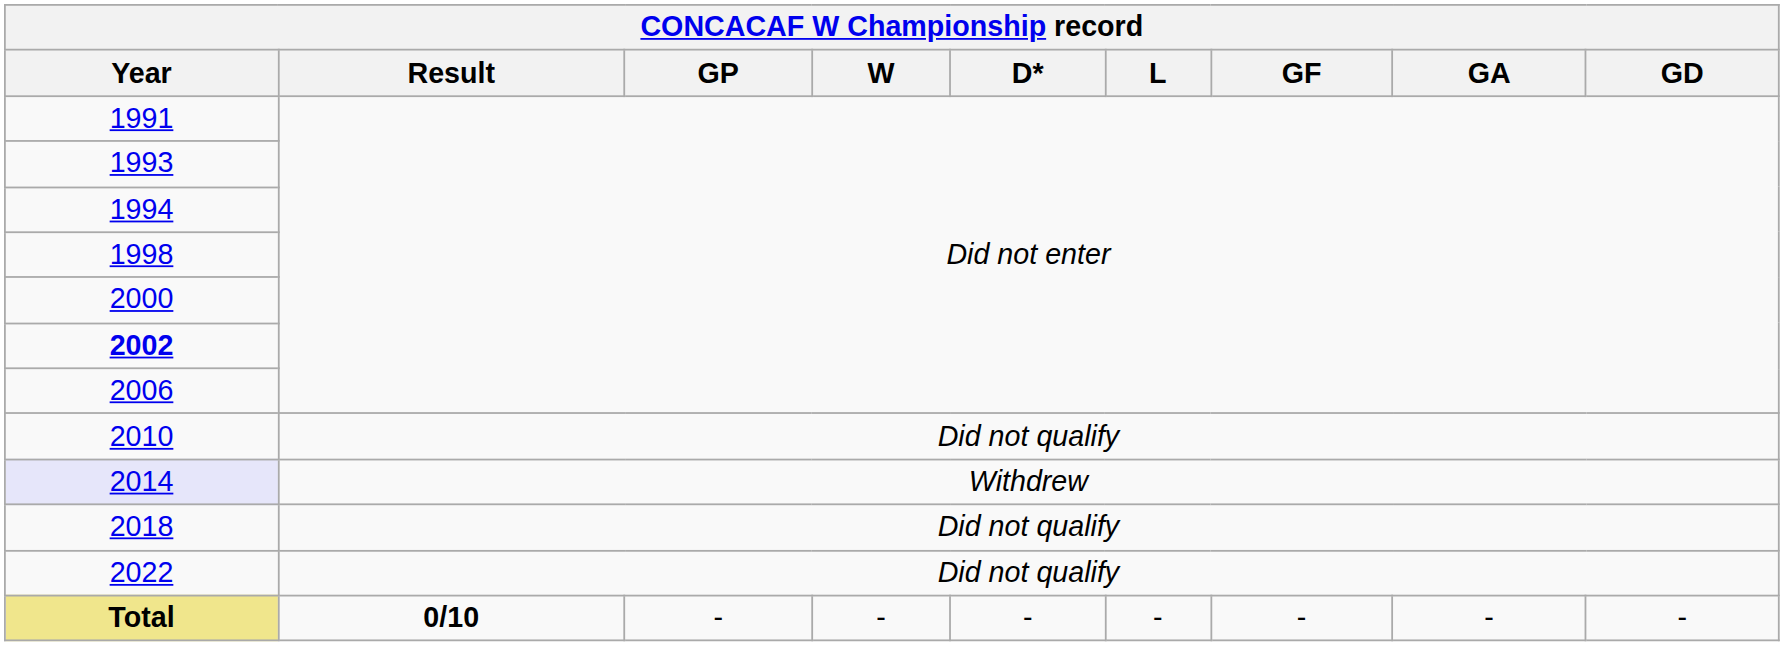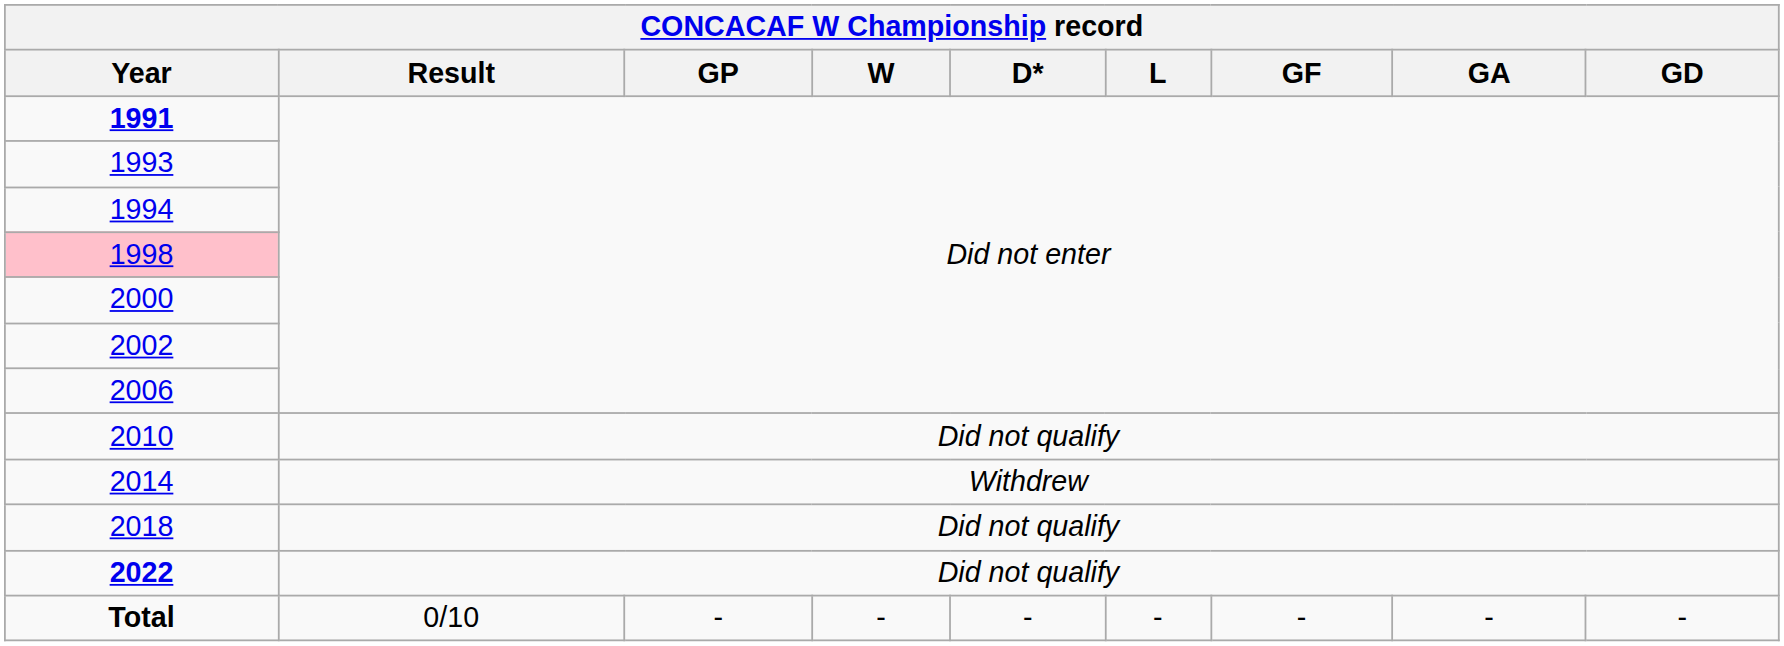 <table class="wikitable" style="text-align: center; width:50%;">
 <tr>
 <th colspan=10><a href='#'>CONCACAF W Championship</a> record</th>
 </tr>
 <tr>
 <th>Year</th>
 <th>Result</th>
 <th>GP</th>
 <th>W</th>
 <th>D*</th>
 <th>L</th>
 <th>GF</th>
 <th>GA</th>
 <th>GD</th>
 </tr>
 <tr>
-<td> <a href='#'>1991</a></td>
+<td><strong> <a href='#'>1991</a></strong></td>
 <td rowspan=7 colspan=8><em>Did not enter</em></td>
 </tr>
 <tr>
 <td> <a href='#'>1993</a></td>
 </tr>
 <tr>
 <td> <a href='#'>1994</a></td>
 </tr>
 <tr>
-<td> <a href='#'>1998</a></td>
+<td style="background: pink;"> <a href='#'>1998</a></td>
 </tr>
 <tr>
 <td> <a href='#'>2000</a></td>
 </tr>
 <tr>
-<td><strong> <a href='#'>2002</a></strong></td>
+<td> <a href='#'>2002</a></td>
 </tr>
 <tr>
 <td> <a href='#'>2006</a></td>
 </tr>
 <tr>
 <td> <a href='#'>2010</a></td>
 <td colspan=8><em>Did not qualify</em></td>
 </tr>
 <tr>
-<td style="background: lavender;"> <a href='#'>2014</a></td>
+<td> <a href='#'>2014</a></td>
 <td colspan=8><em>Withdrew</em></td>
 </tr>
 <tr>
 <td> <a href='#'>2018</a></td>
 <td colspan=8><em>Did not qualify</em></td>
 </tr>
 <tr>
-<td> <a href='#'>2022</a></td>
+<td><strong> <a href='#'>2022</a></strong></td>
 <td colspan=8><em>Did not qualify</em></td>
 </tr>
 <tr>
-<td style="background: khaki;"><strong>Total</strong></td>
-<td><strong>0/10</strong></td>
+<td><strong>Total</strong></td>
+<td>0/10</td>
 <td>-</td>
 <td>-</td>
 <td>-</td>
 <td>-</td>
 <td>-</td>
 <td>-</td>
 <td>-</td>
 </tr>
 </table>
